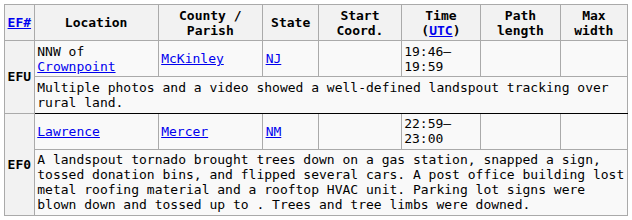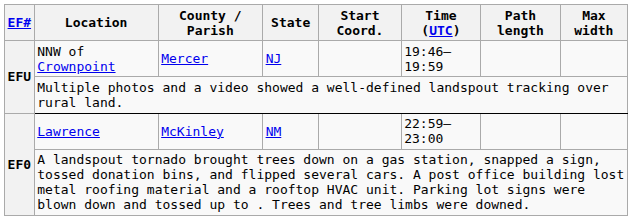 <table class="wikitable sortable" style="width:100%;">
 <tr>
 <th scope="col" width="2%" align="center"><a href='#'>EF#</a></th>
 <th scope="col" align="center" class="unsortable">Location</th>
 <th scope="col" align="center" class="unsortable">County / Parish</th>
 <th scope="col" align="center">State</th>
 <th scope="col" align="center">Start Coord.</th>
 <th scope="col" align="center">Time (<a href='#'>UTC</a>)</th>
 <th scope="col" align="center">Path length</th>
 <th scope="col" align="center">Max width</th>
 </tr>
 <tr>
 <th scope="row" rowspan="2" style="background-color:#">EFU</th>
 <td>NNW of <a href='#'>Crownpoint</a></td>
-<td><a href='#'>McKinley</a></td>
+<td><a href='#'>Mercer</a></td>
 <td><a href='#'>NJ</a></td>
 <td></td>
 <td>19:46–19:59</td>
 <td></td>
 <td></td>
 </tr>
 <tr class="expand-child">
 <td colspan="8" style=" border-bottom: 1px solid black;">Multiple photos and a video showed a well-defined landspout tracking over rural land.</td>
 </tr>
 <tr>
 <th scope="row" rowspan="2" style="background-color:#">EF0</th>
 <td><a href='#'>Lawrence</a></td>
-<td><a href='#'>Mercer</a></td>
+<td><a href='#'>McKinley</a></td>
 <td><a href='#'>NM</a></td>
 <td></td>
 <td>22:59–23:00</td>
 <td></td>
 <td></td>
 </tr>
 <tr class="expand-child">
 <td colspan="8" style=" border-bottom: 1px solid black;">A landspout tornado brought trees down on a gas station, snapped a sign, tossed donation bins, and flipped several cars. A post office building lost metal roofing material and a rooftop HVAC unit. Parking lot signs were blown down and tossed up to . Trees and tree limbs were downed.</td>
 </tr>
 <tr>
 </tr>
 </table>
